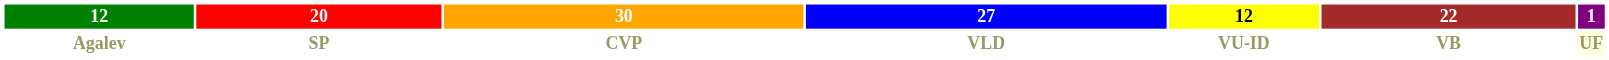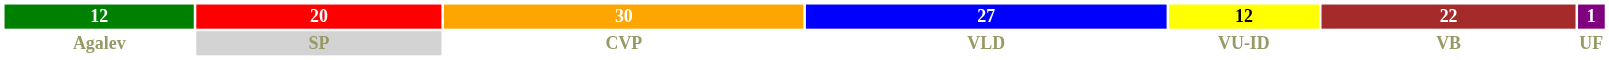 <table style="width:100%; font-size:88%; text-align:center;">
 <tr style="font-weight:bold">
 <td style="background:green; width:11.62%; color:white">12</td>
 <td style="background:red; width:15.00%; color:white">20</td>
 <td style="background:orange; width:22.09%; color:white">30</td>
 <td style="background:blue; width:22.04%; color:white">27</td>
 <td style="background:yellow; width:9.25%; color:black">12</td>
 <td style="background:brown; width:15.54%; color:white">22</td>
 <td style="background:purple; width:0.94%; color:white">1</td>
 </tr>
 <tr style="font-weight:bold; color:#996;">
 <td>Agalev</td>
-<td>SP</td>
+<td style="background: lightgrey;">SP</td>
 <td>CVP</td>
 <td>VLD</td>
 <td>VU-ID</td>
 <td>VB</td>
-<td style="background: lightyellow;">UF</td>
+<td>UF</td>
 </tr>
 </table>
